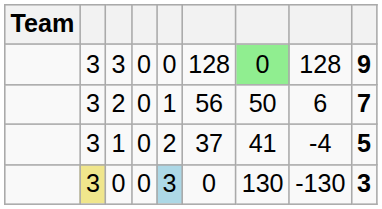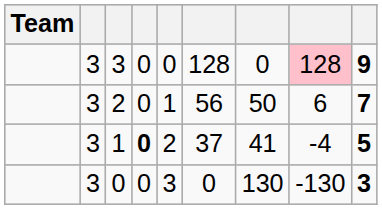 <table class="wikitable" style="text-align: center;">
 <tr>
 <th>Team</th>
 <th></th>
 <th></th>
 <th></th>
 <th></th>
 <th></th>
 <th></th>
 <th></th>
 <th></th>
 </tr>
 <tr>
 <td align="left"></td>
 <td>3</td>
 <td>3</td>
 <td>0</td>
 <td>0</td>
 <td>128</td>
-<td style="background: lightgreen;">0</td>
-<td>128</td>
+<td>0</td>
+<td style="background: pink;">128</td>
 <td><strong>9</strong></td>
 </tr>
 <tr>
 <td align="left"></td>
 <td>3</td>
 <td>2</td>
 <td>0</td>
 <td>1</td>
 <td>56</td>
 <td>50</td>
 <td>6</td>
 <td><strong>7</strong></td>
 </tr>
 <tr>
 <td align="left"></td>
 <td>3</td>
 <td>1</td>
-<td>0</td>
+<td><strong>0</strong></td>
 <td>2</td>
 <td>37</td>
 <td>41</td>
 <td>-4</td>
 <td><strong>5</strong></td>
 </tr>
 <tr>
 <td align="left"></td>
-<td style="background: khaki;">3</td>
+<td>3</td>
 <td>0</td>
 <td>0</td>
-<td style="background: lightblue;">3</td>
+<td>3</td>
 <td>0</td>
 <td>130</td>
 <td>-130</td>
 <td><strong>3</strong></td>
 </tr>
 </table>
